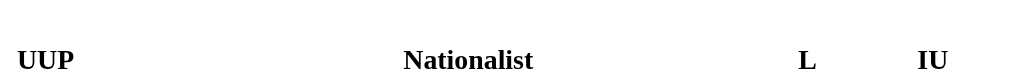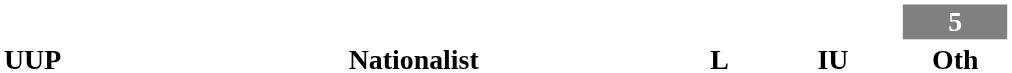 <table style="width:50%; text-align:center;">
 <tr style="color:white;">
 <td style="background:"><strong>33</strong></td>
 <td style="background:"><strong>10</strong></td>
 <td style="background:"><strong>2</strong></td>
 <td style="background:"><strong>2</strong></td>
+<td style="background:grey; width:9.62%;"><strong>5</strong></td>
 </tr>
 <tr>
 <td><span><strong>UUP</strong></span></td>
 <td><span><strong>Nationalist</strong></span></td>
 <td><span><strong>L</strong></span></td>
 <td><span><strong>IU</strong></span></td>
+<td><span><strong>Oth</strong></span></td>
 </tr>
 </table>
